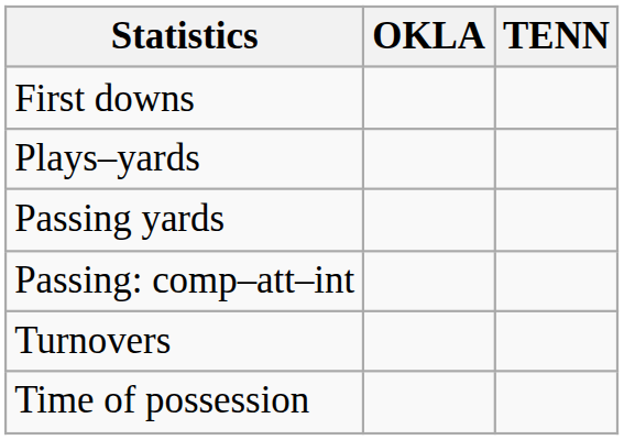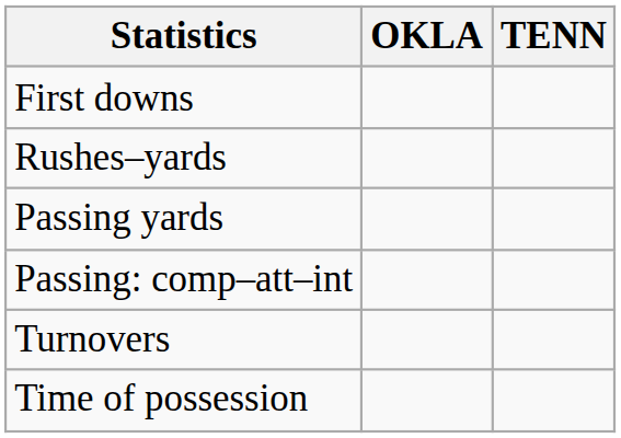 <table class="wikitable" style="float:left">
 <tr>
 <th>Statistics</th>
 <th>OKLA</th>
 <th>TENN</th>
 </tr>
 <tr>
 <td>First downs</td>
 <td></td>
 <td></td>
 </tr>
 <tr>
-<td>Plays–yards</td>
+<td>Rushes–yards</td>
 <td></td>
 <td></td>
 </tr>
 <tr>
 <td>Passing yards</td>
 <td></td>
 <td></td>
 </tr>
 <tr>
 <td>Passing: comp–att–int</td>
 <td></td>
 <td></td>
 </tr>
 <tr>
 <td>Turnovers</td>
 <td></td>
 <td></td>
 </tr>
 <tr>
 <td>Time of possession</td>
 <td></td>
 <td></td>
 </tr>
 </table>
